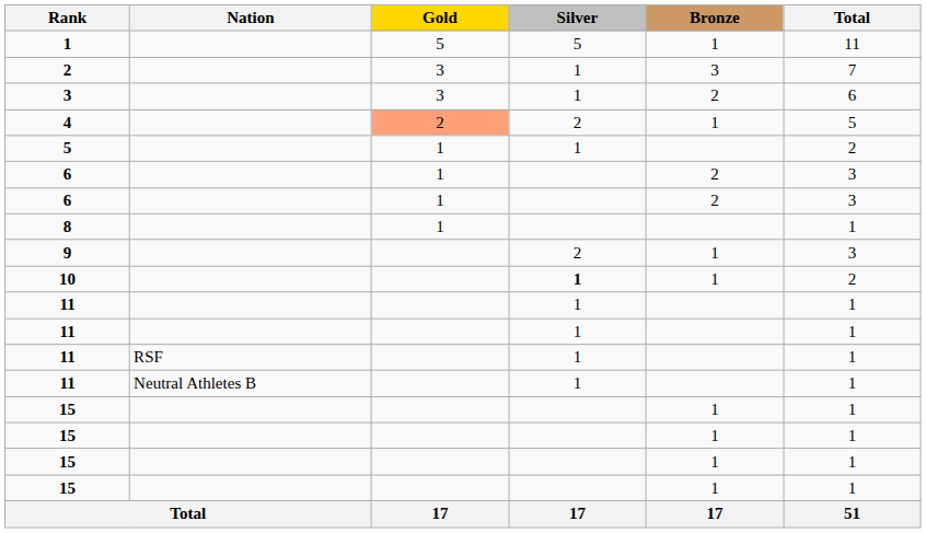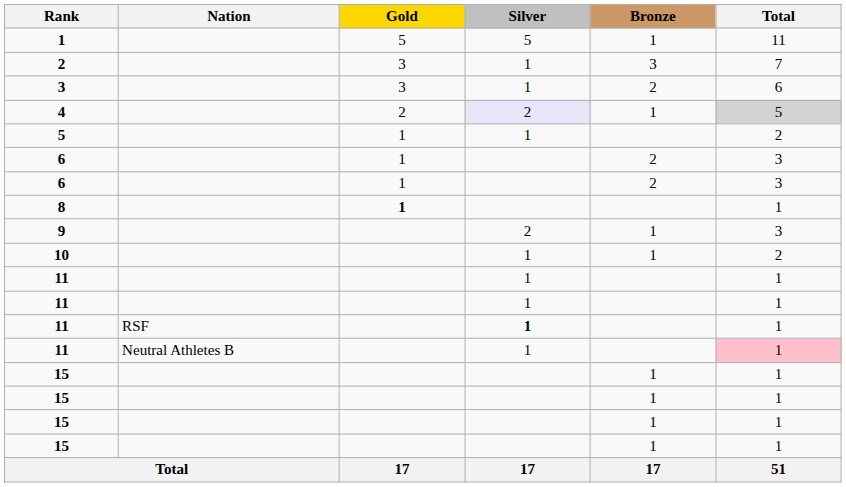 <table class="wikitable collapsible autocollapse plainrowheaders" width=70.5% style="text-align:center;">
 <tr style="background-color:#EDEDED;">
 <th width=100px class="hintergrundfarbe5">Rank</th>
 <th width=200px class="hintergrundfarbe6">Nation</th>
 <th style="background:    gold; width:15%">Gold</th>
 <th style="background:  silver; width:15%">Silver</th>
 <th style="background: #CC9966; width:15%">Bronze</th>
 <th class="hintergrundfarbe6" style="width:15%">Total</th>
 </tr>
 <tr>
 <td><strong>1</strong></td>
 <td align=left></td>
 <td>5</td>
 <td>5</td>
 <td>1</td>
 <td>11</td>
 </tr>
 <tr>
 <td><strong>2</strong></td>
 <td align=left></td>
 <td>3</td>
 <td>1</td>
 <td>3</td>
 <td>7</td>
 </tr>
 <tr>
 <td><strong>3</strong></td>
 <td align=left></td>
 <td>3</td>
 <td>1</td>
 <td>2</td>
 <td>6</td>
 </tr>
 <tr>
 <td><strong>4</strong></td>
 <td align=left></td>
-<td style="background: lightsalmon;">2</td>
 <td>2</td>
+<td style="background: lavender;">2</td>
 <td>1</td>
-<td>5</td>
+<td style="background: lightgrey;">5</td>
 </tr>
 <tr>
 <td><strong>5</strong></td>
 <td align=left></td>
 <td>1</td>
 <td>1</td>
 <td></td>
 <td>2</td>
 </tr>
 <tr>
 <td><strong>6</strong></td>
 <td align=left></td>
 <td>1</td>
 <td></td>
 <td>2</td>
 <td>3</td>
 </tr>
 <tr>
 <td><strong>6</strong></td>
 <td align=left></td>
 <td>1</td>
 <td></td>
 <td>2</td>
 <td>3</td>
 </tr>
 <tr>
 <td><strong>8</strong></td>
 <td align=left></td>
-<td>1</td>
+<td><strong>1</strong></td>
 <td></td>
 <td></td>
 <td>1</td>
 </tr>
 <tr>
 <td><strong>9</strong></td>
 <td align=left></td>
 <td></td>
 <td>2</td>
 <td>1</td>
 <td>3</td>
 </tr>
 <tr>
 <td><strong>10</strong></td>
 <td align=left></td>
 <td></td>
-<td><strong>1</strong></td>
+<td>1</td>
 <td>1</td>
 <td>2</td>
 </tr>
 <tr>
 <td><strong>11</strong></td>
 <td align=left></td>
 <td></td>
 <td>1</td>
 <td></td>
 <td>1</td>
 </tr>
 <tr>
 <td><strong>11</strong></td>
 <td align=left></td>
 <td></td>
 <td>1</td>
 <td></td>
 <td>1</td>
 </tr>
 <tr>
 <td><strong>11</strong></td>
 <td align=left>RSF</td>
 <td></td>
-<td>1</td>
+<td><strong>1</strong></td>
 <td></td>
 <td>1</td>
 </tr>
 <tr>
 <td><strong>11</strong></td>
 <td align=left> Neutral Athletes B</td>
 <td></td>
 <td>1</td>
 <td></td>
-<td>1</td>
+<td style="background: pink;">1</td>
 </tr>
 <tr>
 <td><strong>15</strong></td>
 <td align=left></td>
 <td></td>
 <td></td>
 <td>1</td>
 <td>1</td>
 </tr>
 <tr>
 <td><strong>15</strong></td>
 <td align=left></td>
 <td></td>
 <td></td>
 <td>1</td>
 <td>1</td>
 </tr>
 <tr>
 <td><strong>15</strong></td>
 <td align=left></td>
 <td></td>
 <td></td>
 <td>1</td>
 <td>1</td>
 </tr>
 <tr>
 <td><strong>15</strong></td>
 <td align=left></td>
 <td></td>
 <td></td>
 <td>1</td>
 <td>1</td>
 </tr>
 <tr>
 <th colspan=2>Total</th>
 <th>17</th>
 <th>17</th>
 <th>17</th>
 <th>51</th>
 </tr>
 </table>
